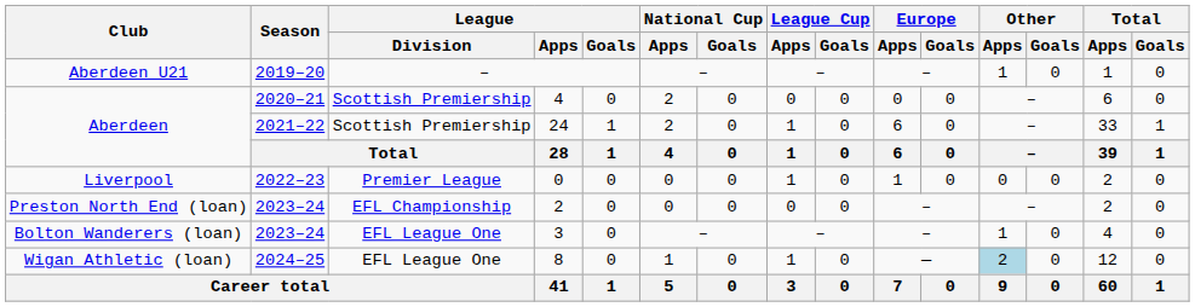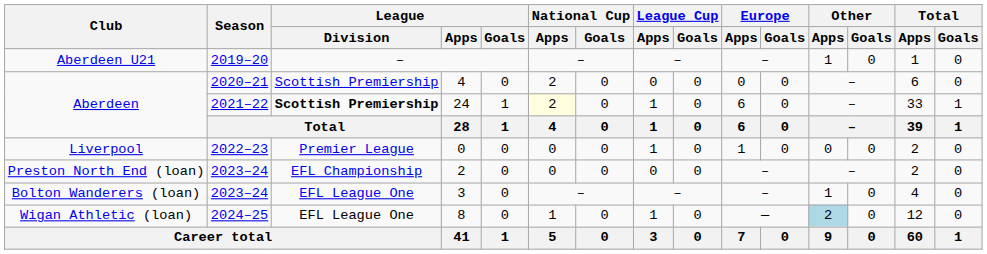 <table class="wikitable" style="text-align: center;">
 <tr>
 <th rowspan="2">Club</th>
 <th rowspan="2">Season</th>
 <th colspan="3">League</th>
 <th colspan="2">National Cup</th>
 <th colspan="2"><a href='#'>League Cup</a></th>
 <th colspan="2"><a href='#'>Europe</a></th>
 <th colspan="2">Other</th>
 <th colspan="2">Total</th>
 </tr>
 <tr>
 <th>Division</th>
 <th>Apps</th>
 <th>Goals</th>
 <th>Apps</th>
 <th>Goals</th>
 <th>Apps</th>
 <th>Goals</th>
 <th>Apps</th>
 <th>Goals</th>
 <th>Apps</th>
 <th>Goals</th>
 <th>Apps</th>
 <th>Goals</th>
 </tr>
 <tr>
 <td><a href='#'>Aberdeen U21</a></td>
 <td><a href='#'>2019–20</a></td>
 <td colspan=3>–</td>
 <td colspan=2>–</td>
 <td colspan=2>–</td>
 <td colspan=2>–</td>
 <td>1</td>
 <td>0</td>
 <td>1</td>
 <td>0</td>
 </tr>
 <tr>
 <td rowspan=3><a href='#'>Aberdeen</a></td>
 <td><a href='#'>2020–21</a></td>
 <td><a href='#'>Scottish Premiership</a></td>
 <td>4</td>
 <td>0</td>
 <td>2</td>
 <td>0</td>
 <td>0</td>
 <td>0</td>
 <td>0</td>
 <td>0</td>
 <td colspan=2>–</td>
 <td>6</td>
 <td>0</td>
 </tr>
 <tr>
 <td><a href='#'>2021–22</a></td>
-<td>Scottish Premiership</td>
+<td><strong>Scottish Premiership</strong></td>
 <td>24</td>
 <td>1</td>
-<td>2</td>
+<td style="background: lightyellow;">2</td>
 <td>0</td>
 <td>1</td>
 <td>0</td>
 <td>6</td>
 <td>0</td>
 <td colspan=2>–</td>
 <td>33</td>
 <td>1</td>
 </tr>
 <tr>
 <th colspan=2>Total</th>
 <th>28</th>
 <th>1</th>
 <th>4</th>
 <th>0</th>
 <th>1</th>
 <th>0</th>
 <th>6</th>
 <th>0</th>
 <th colspan=2>–</th>
 <th>39</th>
 <th>1</th>
 </tr>
 <tr>
 <td><a href='#'>Liverpool</a></td>
 <td><a href='#'>2022–23</a></td>
 <td><a href='#'>Premier League</a></td>
 <td>0</td>
 <td>0</td>
 <td>0</td>
 <td>0</td>
 <td>1</td>
 <td>0</td>
 <td>1</td>
 <td>0</td>
 <td>0</td>
 <td>0</td>
 <td>2</td>
 <td>0</td>
 </tr>
 <tr>
 <td><a href='#'>Preston North End</a> (loan)</td>
 <td><a href='#'>2023–24</a></td>
 <td><a href='#'>EFL Championship</a></td>
 <td>2</td>
 <td>0</td>
 <td>0</td>
 <td>0</td>
 <td>0</td>
 <td>0</td>
 <td colspan=2>–</td>
 <td colspan=2>–</td>
 <td>2</td>
 <td>0</td>
 </tr>
 <tr>
 <td><a href='#'>Bolton Wanderers</a> (loan)</td>
 <td><a href='#'>2023–24</a></td>
 <td><a href='#'>EFL League One</a></td>
 <td>3</td>
 <td>0</td>
 <td colspan=2>–</td>
 <td colspan=2>–</td>
 <td colspan=2>–</td>
 <td>1</td>
 <td>0</td>
 <td>4</td>
 <td>0</td>
 </tr>
 <tr>
 <td><a href='#'>Wigan Athletic</a> (loan)</td>
 <td><a href='#'>2024–25</a></td>
 <td>EFL League One</td>
 <td>8</td>
 <td>0</td>
 <td>1</td>
 <td>0</td>
 <td>1</td>
 <td>0</td>
 <td colspan="2">—</td>
 <td style="background: lightblue;">2</td>
 <td>0</td>
 <td>12</td>
 <td>0</td>
 </tr>
 <tr>
 <th colspan="3">Career total</th>
 <th>41</th>
 <th>1</th>
 <th>5</th>
 <th>0</th>
 <th>3</th>
 <th>0</th>
 <th>7</th>
 <th>0</th>
 <th>9</th>
 <th>0</th>
 <th>60</th>
 <th>1</th>
 </tr>
 </table>
